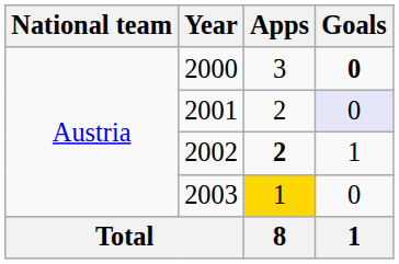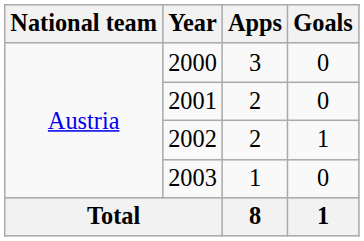 <table class="wikitable" style="text-align:center">
 <tr>
 <th>National team</th>
 <th>Year</th>
 <th>Apps</th>
 <th>Goals</th>
 </tr>
 <tr>
 <td rowspan="4"><a href='#'>Austria</a></td>
 <td>2000</td>
 <td>3</td>
-<td><strong>0</strong></td>
+<td>0</td>
 </tr>
 <tr>
 <td>2001</td>
 <td>2</td>
-<td style="background: lavender;">0</td>
+<td>0</td>
 </tr>
 <tr>
 <td>2002</td>
-<td><strong>2</strong></td>
+<td>2</td>
 <td>1</td>
 </tr>
 <tr>
 <td>2003</td>
-<td style="background: gold;">1</td>
+<td>1</td>
 <td>0</td>
 </tr>
 <tr>
 <th colspan="2">Total</th>
 <th>8</th>
 <th>1</th>
 </tr>
 </table>
